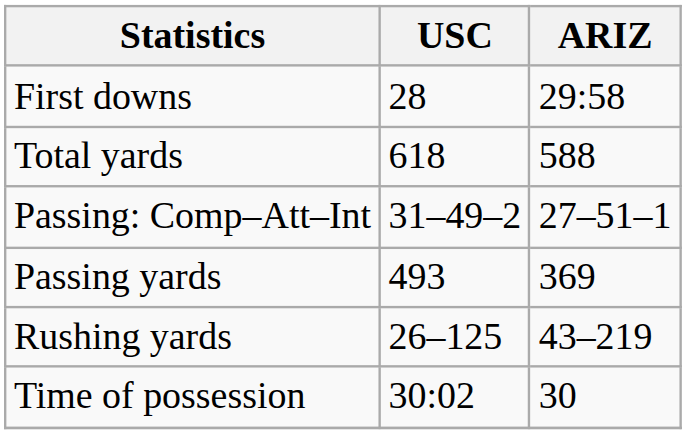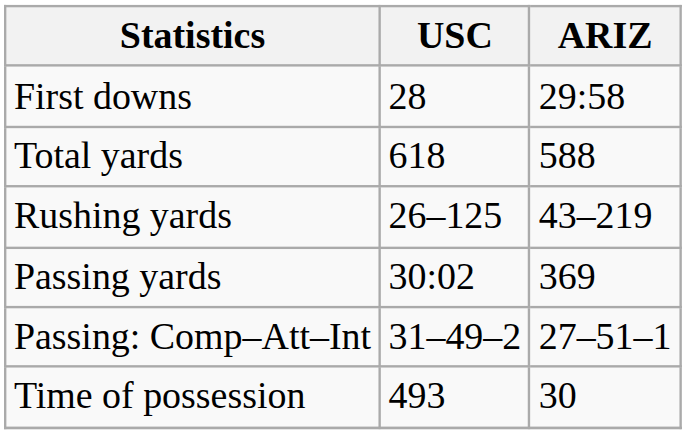 <table class="wikitable" style="float: left;">
 <tr>
 <th>Statistics</th>
 <th>USC</th>
 <th>ARIZ</th>
 </tr>
 <tr>
 <td>First downs</td>
 <td>28</td>
 <td>29:58</td>
 </tr>
 <tr>
 <td>Total yards</td>
 <td>618</td>
 <td>588</td>
 </tr>
 <tr>
+<td>Rushing yards</td>
+<td>26–125</td>
+<td>43–219</td>
+</tr>
+<tr>
+<td>Passing yards</td>
+<td>30:02</td>
+<td>369</td>
+</tr>
+<tr>
 <td>Passing: Comp–Att–Int</td>
 <td>31–49–2</td>
 <td>27–51–1</td>
 </tr>
 <tr>
-<td>Passing yards</td>
+<td>Time of possession</td>
 <td>493</td>
-<td>369</td>
-</tr>
-<tr>
-<td>Rushing yards</td>
-<td>26–125</td>
-<td>43–219</td>
-</tr>
-<tr>
-<td>Time of possession</td>
-<td>30:02</td>
 <td>30</td>
 </tr>
 <tr>
 </tr>
 </table>
